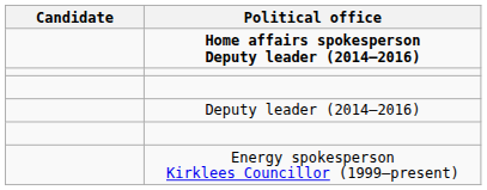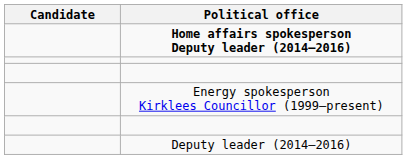 <table class="wikitable sortable" style="text-align:center">
 <tr>
 <th scope = "col" style = "width: 120px;">Candidate</th>
 <th scope = "col" style = "width: 300px;">Political office</th>
 </tr>
 <tr>
 <td><br></td>
 <td><strong>Home affairs spokesperson<br>Deputy leader (2014–2016)</strong></td>
 </tr>
 <tr>
 <td></td>
 <td></td>
 </tr>
 <tr>
 <td><br></td>
 <td></td>
 </tr>
 <tr>
 <td><br></td>
-<td>Deputy leader (2014–2016)</td>
+<td>Energy spokesperson<br><a href='#'>Kirklees Councillor</a> (1999–present)</td>
 </tr>
 <tr>
 <td> <br></td>
 <td></td>
 </tr>
 <tr>
 <td><br></td>
-<td>Energy spokesperson<br><a href='#'>Kirklees Councillor</a> (1999–present)</td>
+<td>Deputy leader (2014–2016)</td>
 </tr>
 </table>
